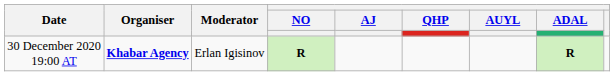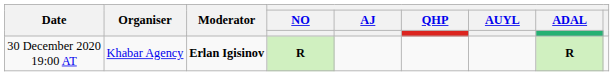 <table class="wikitable" style="font-size:95%; text-align:center;">
 <tr>
 <th rowspan="3">Date</th>
 <th rowspan="3">Organiser</th>
 <th rowspan="3">Moderator</th>
 <th colspan="6">    </th>
 </tr>
 <tr>
 <th scope="col" style="width:5em;"><a href='#'>NO</a></th>
 <th scope="col" style="width:5em;"><a href='#'>AJ</a></th>
 <th scope="col" style="width:5em;"><a href='#'>QHP</a></th>
 <th scope="col" style="width:5em;"><a href='#'>AUYL</a></th>
 <th scope="col" style="width:5em;"><a href='#'>ADAL</a></th>
 <th rowspan="2"></th>
 </tr>
 <tr>
 <th style="background:"></th>
 <th style="background:"></th>
 <th style="background:#DC241F "></th>
 <th style="background:"></th>
 <th style="background:#25B072"></th>
 </tr>
 <tr>
 <td style="white-space:nowrap; text-align:center;">30 December 2020<br>19:00 <a href='#'>AT</a></td>
-<td style="white-space:nowrap; text-align:center;"><strong><a href='#'>Khabar Agency</a></strong></td>
-<td style="white-space:nowrap; text-align:center;">Erlan Igisinov</td>
+<td style="white-space:nowrap; text-align:center;"><a href='#'>Khabar Agency</a></td>
+<td style="white-space:nowrap; text-align:center;"><strong>Erlan Igisinov</strong></td>
 <td style="background:#D0F0C0;"><strong>R</strong><br></td>
 <td></td>
 <td></td>
 <td></td>
 <td style="background:#D0F0C0;"><strong>R</strong><br></td>
 <td></td>
 </tr>
 </table>
